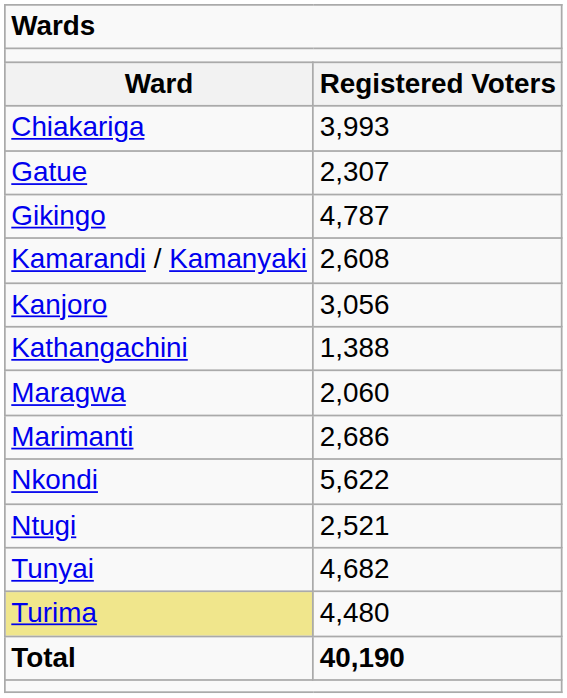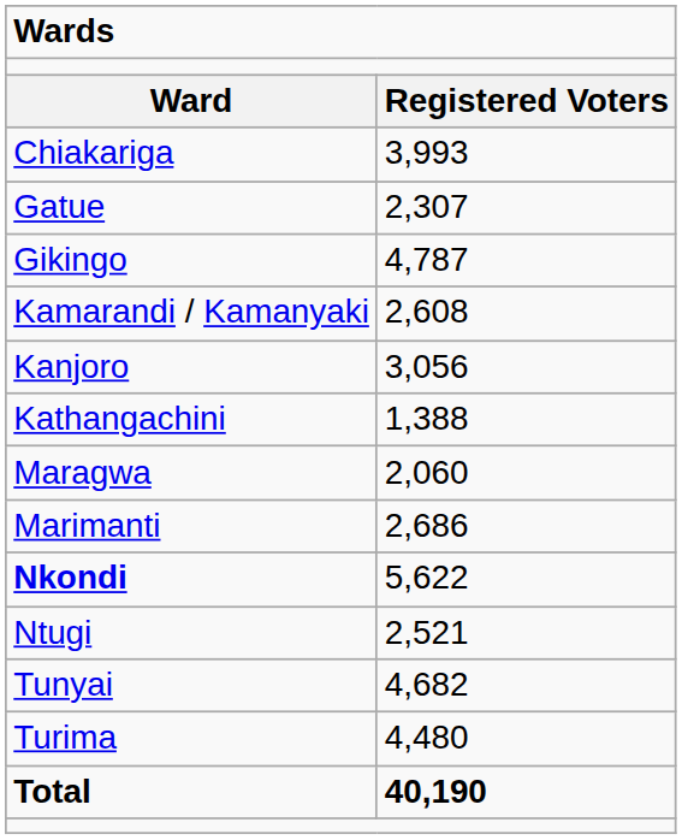 <table class="wikitable">
 <tr>
 <td colspan="2"><strong>Wards</strong></td>
 </tr>
 <tr>
 <td colspan="2"></td>
 </tr>
 <tr>
 <th>Ward</th>
 <th>Registered Voters</th>
 </tr>
 <tr>
 <td><a href='#'>Chiakariga</a></td>
 <td>3,993</td>
 </tr>
 <tr>
 <td><a href='#'>Gatue</a></td>
 <td>2,307</td>
 </tr>
 <tr>
 <td><a href='#'>Gikingo</a></td>
 <td>4,787</td>
 </tr>
 <tr>
 <td><a href='#'>Kamarandi</a> / <a href='#'>Kamanyaki</a></td>
 <td>2,608</td>
 </tr>
 <tr>
 <td><a href='#'>Kanjoro</a></td>
 <td>3,056</td>
 </tr>
 <tr>
 <td><a href='#'>Kathangachini</a></td>
 <td>1,388</td>
 </tr>
 <tr>
 <td><a href='#'>Maragwa</a></td>
 <td>2,060</td>
 </tr>
 <tr>
 <td><a href='#'>Marimanti</a></td>
 <td>2,686</td>
 </tr>
 <tr>
-<td><a href='#'>Nkondi</a></td>
+<td><strong><a href='#'>Nkondi</a></strong></td>
 <td>5,622</td>
 </tr>
 <tr>
 <td><a href='#'>Ntugi</a></td>
 <td>2,521</td>
 </tr>
 <tr>
 <td><a href='#'>Tunyai</a></td>
 <td>4,682</td>
 </tr>
 <tr>
-<td style="background: khaki;"><a href='#'>Turima</a></td>
+<td><a href='#'>Turima</a></td>
 <td>4,480</td>
 </tr>
 <tr>
 <td><strong>Total</strong></td>
 <td><strong>40,190</strong></td>
 </tr>
 <tr>
 <td colspan="2"></td>
 </tr>
 </table>
